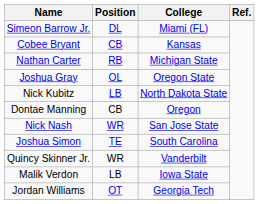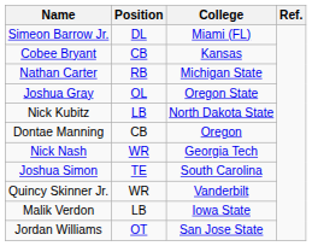 <table class="wikitable" style="text-align:center">
 <tr>
 <th>Name</th>
 <th>Position</th>
 <th>College</th>
 <th>Ref.</th>
 </tr>
 <tr>
 <td><a href='#'>Simeon Barrow Jr.</a></td>
 <td><a href='#'>DL</a></td>
 <td><a href='#'>Miami (FL)</a></td>
 <td rowspan="11"></td>
 </tr>
 <tr>
 <td><a href='#'>Cobee Bryant</a></td>
 <td><a href='#'>CB</a></td>
 <td><a href='#'>Kansas</a></td>
 </tr>
 <tr>
 <td><a href='#'>Nathan Carter</a></td>
 <td><a href='#'>RB</a></td>
 <td><a href='#'>Michigan State</a></td>
 </tr>
 <tr>
 <td><a href='#'>Joshua Gray</a></td>
 <td><a href='#'>OL</a></td>
 <td><a href='#'>Oregon State</a></td>
 </tr>
 <tr>
 <td>Nick Kubitz</td>
 <td><a href='#'>LB</a></td>
 <td><a href='#'>North Dakota State</a></td>
 </tr>
 <tr>
 <td>Dontae Manning</td>
 <td>CB</td>
 <td><a href='#'>Oregon</a></td>
 </tr>
 <tr>
 <td><a href='#'>Nick Nash</a></td>
 <td><a href='#'>WR</a></td>
-<td><a href='#'>San Jose State</a></td>
+<td><a href='#'>Georgia Tech</a></td>
 </tr>
 <tr>
 <td><a href='#'>Joshua Simon</a></td>
 <td><a href='#'>TE</a></td>
 <td><a href='#'>South Carolina</a></td>
 </tr>
 <tr>
 <td>Quincy Skinner Jr.</td>
 <td>WR</td>
 <td><a href='#'>Vanderbilt</a></td>
 </tr>
 <tr>
 <td>Malik Verdon</td>
 <td>LB</td>
 <td><a href='#'>Iowa State</a></td>
 </tr>
 <tr>
 <td>Jordan Williams</td>
 <td><a href='#'>OT</a></td>
-<td><a href='#'>Georgia Tech</a></td>
+<td><a href='#'>San Jose State</a></td>
 </tr>
 </table>
